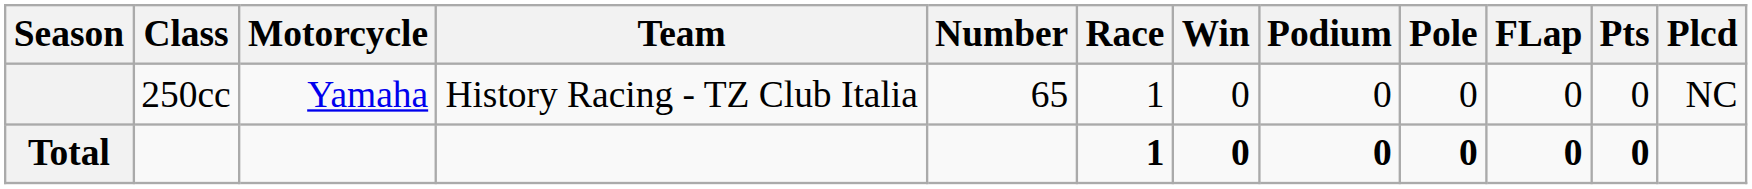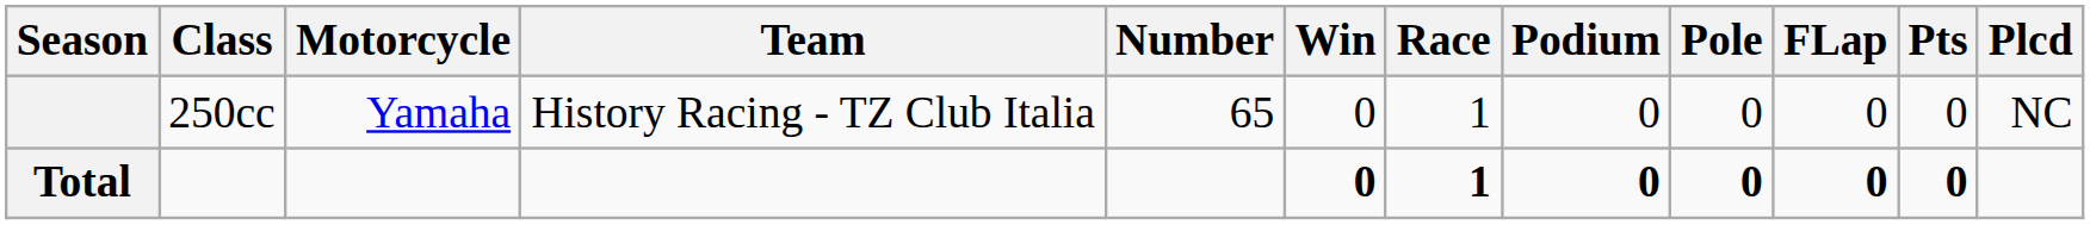 <table class="wikitable">
 <tr>
 <th>Season</th>
 <th>Class</th>
 <th>Motorcycle</th>
 <th>Team</th>
 <th>Number</th>
+<th>Win</th>
 <th>Race</th>
-<th>Win</th>
 <th>Podium</th>
 <th>Pole</th>
 <th>FLap</th>
 <th>Pts</th>
 <th>Plcd</th>
 </tr>
 <tr align="right">
 <th></th>
 <td>250cc</td>
 <td><a href='#'>Yamaha</a></td>
 <td>History Racing - TZ Club Italia</td>
 <td>65</td>
+<td>0</td>
 <td>1</td>
-<td>0</td>
 <td>0</td>
 <td>0</td>
 <td>0</td>
 <td>0</td>
 <td>NC</td>
 </tr>
 <tr align="right">
 <th>Total</th>
 <td></td>
 <td></td>
 <td></td>
 <td></td>
+<td><strong>0</strong></td>
 <td><strong>1</strong></td>
-<td><strong>0</strong></td>
 <td><strong>0</strong></td>
 <td><strong>0</strong></td>
 <td><strong>0</strong></td>
 <td><strong>0</strong></td>
 <td></td>
 </tr>
 </table>
